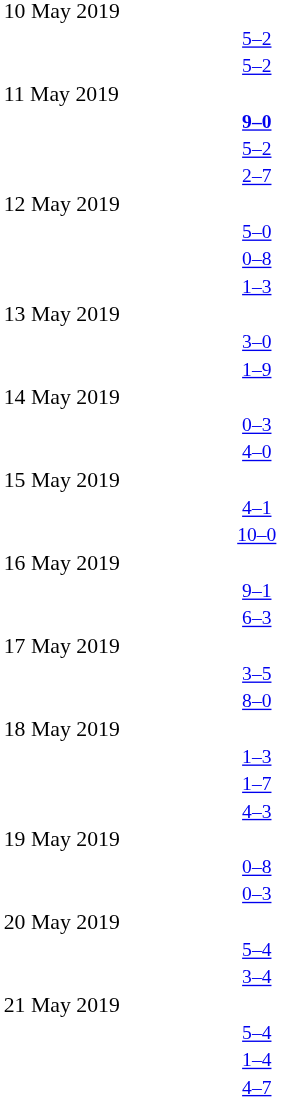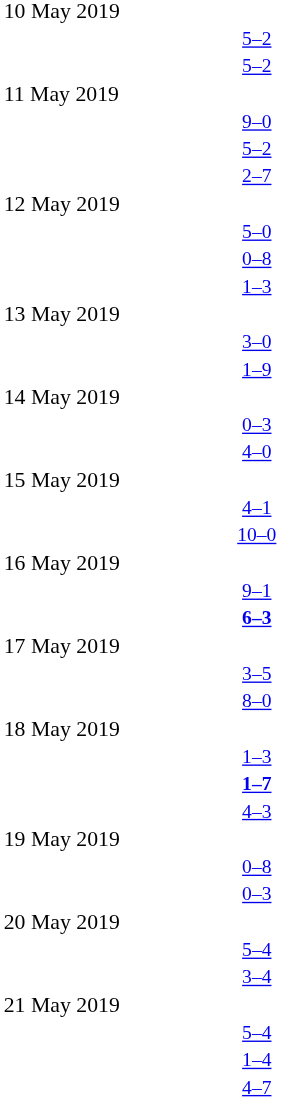 <table style="width:100%;" cellspacing="1">
 <tr>
 <th width=25%></th>
 <th width=2%></th>
 <th width=6%></th>
 <th width=2%></th>
 <th width=25%></th>
 </tr>
 <tr>
 <td>10 May 2019</td>
 </tr>
 <tr style=font-size:90%>
 <td align=right></td>
 <td></td>
 <td align=center><a href='#'>5–2</a></td>
 <td></td>
 <td></td>
 <td></td>
 </tr>
 <tr style=font-size:90%>
 <td align=right></td>
 <td></td>
 <td align=center><a href='#'>5–2</a></td>
 <td></td>
 <td></td>
 <td></td>
 </tr>
 <tr>
 <td>11 May 2019</td>
 </tr>
 <tr style=font-size:90%>
 <td align=right></td>
 <td></td>
-<td align=center><strong><a href='#'>9–0</a></strong></td>
+<td align=center><a href='#'>9–0</a></td>
 <td></td>
 <td></td>
 <td></td>
 </tr>
 <tr style=font-size:90%>
 <td align=right></td>
 <td></td>
 <td align=center><a href='#'>5–2</a></td>
 <td></td>
 <td></td>
 <td></td>
 </tr>
 <tr style=font-size:90%>
 <td align=right></td>
 <td></td>
 <td align=center><a href='#'>2–7</a></td>
 <td></td>
 <td></td>
 <td></td>
 </tr>
 <tr>
 <td>12 May 2019</td>
 </tr>
 <tr style=font-size:90%>
 <td align=right></td>
 <td></td>
 <td align=center><a href='#'>5–0</a></td>
 <td></td>
 <td></td>
 <td></td>
 </tr>
 <tr style=font-size:90%>
 <td align=right></td>
 <td></td>
 <td align=center><a href='#'>0–8</a></td>
 <td></td>
 <td></td>
 <td></td>
 </tr>
 <tr style=font-size:90%>
 <td align=right></td>
 <td></td>
 <td align=center><a href='#'>1–3</a></td>
 <td></td>
 <td></td>
 <td></td>
 </tr>
 <tr>
 <td>13 May 2019</td>
 </tr>
 <tr style=font-size:90%>
 <td align=right></td>
 <td></td>
 <td align=center><a href='#'>3–0</a></td>
 <td></td>
 <td></td>
 <td></td>
 </tr>
 <tr style=font-size:90%>
 <td align=right></td>
 <td></td>
 <td align=center><a href='#'>1–9</a></td>
 <td></td>
 <td></td>
 <td></td>
 </tr>
 <tr>
 <td>14 May 2019</td>
 </tr>
 <tr style=font-size:90%>
 <td align=right></td>
 <td></td>
 <td align=center><a href='#'>0–3</a></td>
 <td></td>
 <td></td>
 <td></td>
 </tr>
 <tr style=font-size:90%>
 <td align=right></td>
 <td></td>
 <td align=center><a href='#'>4–0</a></td>
 <td></td>
 <td></td>
 <td></td>
 </tr>
 <tr>
 <td>15 May 2019</td>
 </tr>
 <tr style=font-size:90%>
 <td align=right></td>
 <td></td>
 <td align=center><a href='#'>4–1</a></td>
 <td></td>
 <td></td>
 <td></td>
 </tr>
 <tr style=font-size:90%>
 <td align=right></td>
 <td></td>
 <td align=center><a href='#'>10–0</a></td>
 <td></td>
 <td></td>
 <td></td>
 </tr>
 <tr>
 <td>16 May 2019</td>
 </tr>
 <tr style=font-size:90%>
 <td align=right></td>
 <td></td>
 <td align=center><a href='#'>9–1</a></td>
 <td></td>
 <td></td>
 <td></td>
 </tr>
 <tr style=font-size:90%>
 <td align=right></td>
 <td></td>
-<td align=center><a href='#'>6–3</a></td>
+<td align=center><strong><a href='#'>6–3</a></strong></td>
 <td></td>
 <td></td>
 <td></td>
 </tr>
 <tr>
 <td>17 May 2019</td>
 </tr>
 <tr style=font-size:90%>
 <td align=right></td>
 <td></td>
 <td align=center><a href='#'>3–5</a></td>
 <td></td>
 <td></td>
 <td></td>
 </tr>
 <tr style=font-size:90%>
 <td align=right></td>
 <td></td>
 <td align=center><a href='#'>8–0</a></td>
 <td></td>
 <td></td>
 <td></td>
 </tr>
 <tr>
 <td>18 May 2019</td>
 </tr>
 <tr style=font-size:90%>
 <td align=right></td>
 <td></td>
 <td align=center><a href='#'>1–3</a></td>
 <td></td>
 <td></td>
 <td></td>
 </tr>
 <tr style=font-size:90%>
 <td align=right></td>
 <td></td>
-<td align=center><a href='#'>1–7</a></td>
+<td align=center><strong><a href='#'>1–7</a></strong></td>
 <td></td>
 <td></td>
 <td></td>
 </tr>
 <tr style=font-size:90%>
 <td align=right></td>
 <td></td>
 <td align=center><a href='#'>4–3</a></td>
 <td></td>
 <td></td>
 <td></td>
 </tr>
 <tr>
 <td>19 May 2019</td>
 </tr>
 <tr style=font-size:90%>
 <td align=right></td>
 <td></td>
 <td align=center><a href='#'>0–8</a></td>
 <td></td>
 <td></td>
 <td></td>
 </tr>
 <tr style=font-size:90%>
 <td align=right></td>
 <td></td>
 <td align=center><a href='#'>0–3</a></td>
 <td></td>
 <td></td>
 <td></td>
 </tr>
 <tr>
 <td>20 May 2019</td>
 </tr>
 <tr style=font-size:90%>
 <td align=right></td>
 <td></td>
 <td align=center><a href='#'>5–4</a></td>
 <td></td>
 <td></td>
 <td></td>
 </tr>
 <tr style=font-size:90%>
 <td align=right></td>
 <td></td>
 <td align=center><a href='#'>3–4<br></a></td>
 <td></td>
 <td></td>
 <td></td>
 </tr>
 <tr>
 <td>21 May 2019</td>
 </tr>
 <tr style=font-size:90%>
 <td align=right></td>
 <td></td>
 <td align=center><a href='#'>5–4</a></td>
 <td></td>
 <td></td>
 <td></td>
 </tr>
 <tr style=font-size:90%>
 <td align=right></td>
 <td></td>
 <td align=center><a href='#'>1–4</a></td>
 <td></td>
 <td></td>
 <td></td>
 </tr>
 <tr style=font-size:90%>
 <td align=right></td>
 <td></td>
 <td align=center><a href='#'>4–7</a></td>
 <td></td>
 <td></td>
 <td></td>
 </tr>
 </table>
